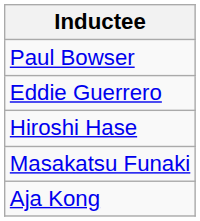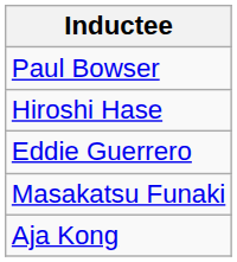 <table class="wikitable">
 <tr>
 <th>Inductee</th>
 </tr>
 <tr>
 <td><a href='#'>Paul Bowser</a></td>
 </tr>
 <tr>
-<td><a href='#'>Eddie Guerrero</a></td>
+<td><a href='#'>Hiroshi Hase</a></td>
 </tr>
 <tr>
-<td><a href='#'>Hiroshi Hase</a></td>
+<td><a href='#'>Eddie Guerrero</a></td>
 </tr>
 <tr>
 <td><a href='#'>Masakatsu Funaki</a></td>
 </tr>
 <tr>
 <td><a href='#'>Aja Kong</a></td>
 </tr>
 </table>
